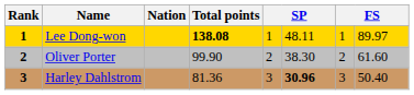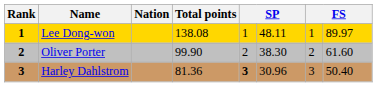 <table class="wikitable sortable">
 <tr>
 <th>Rank</th>
 <th>Name</th>
 <th>Nation</th>
 <th>Total points</th>
 <th colspan="2" width="80px"><a href='#'>SP</a></th>
 <th colspan="2" width="80px"><a href='#'>FS</a></th>
 </tr>
 <tr bgcolor="gold">
 <td align="center"><strong>1</strong></td>
 <td><a href='#'>Lee Dong-won</a></td>
 <td></td>
-<td><strong>138.08</strong></td>
+<td>138.08</td>
 <td>1</td>
 <td>48.11</td>
 <td>1</td>
 <td>89.97</td>
 </tr>
 <tr bgcolor="silver">
 <td align="center"><strong>2</strong></td>
 <td><a href='#'>Oliver Porter</a></td>
 <td></td>
 <td>99.90</td>
 <td>2</td>
 <td>38.30</td>
 <td>2</td>
 <td>61.60</td>
 </tr>
 <tr bgcolor="cc9966">
 <td align="center"><strong>3</strong></td>
 <td><a href='#'>Harley Dahlstrom</a></td>
 <td></td>
 <td>81.36</td>
-<td>3</td>
-<td><strong>30.96</strong></td>
+<td><strong>3</strong></td>
+<td>30.96</td>
 <td>3</td>
 <td>50.40</td>
 </tr>
 </table>
